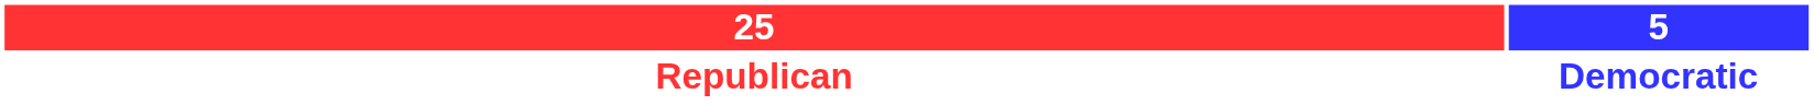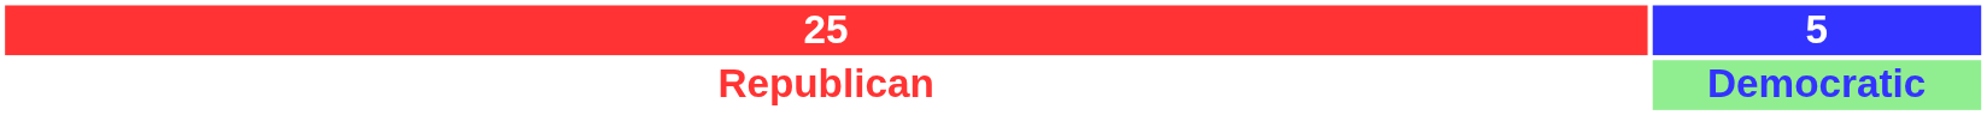 <table style="width:50%">
 <tr>
 <td scope="row" colspan="3" style="text-align:center"></td>
 </tr>
 <tr>
 <td scope="row" style="background:#F33; width:83.3%; text-align:center; color:white"><strong>25</strong></td>
 <td style="background:#33F; width:16.7%; text-align:center; color:white"><strong>5</strong></td>
 </tr>
 <tr>
 <td scope="row" style="text-align:center; color:#F33"><strong>Republican</strong></td>
-<td style="text-align:center; color:#33F"><strong>Democratic</strong></td>
+<td style="background: lightgreen; text-align:center; color:#33F"><strong>Democratic</strong></td>
 </tr>
 </table>
